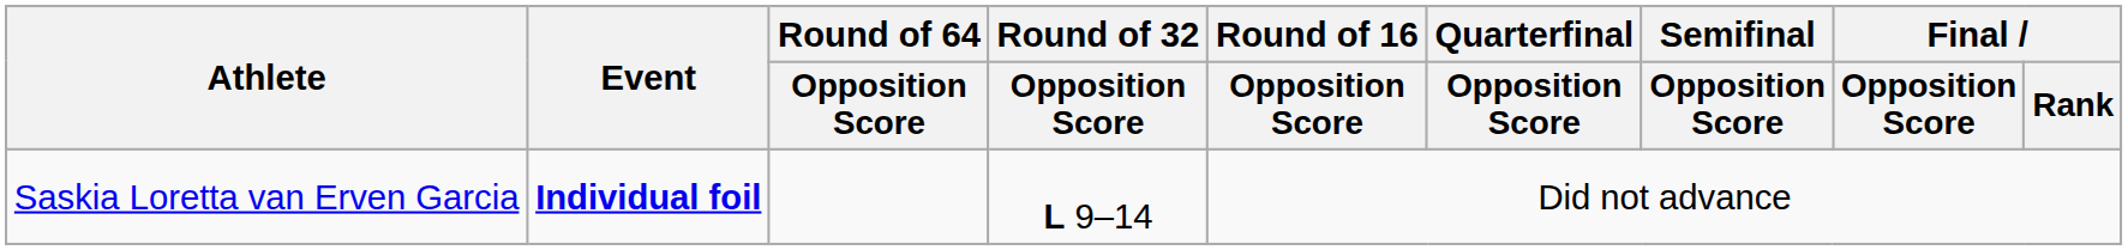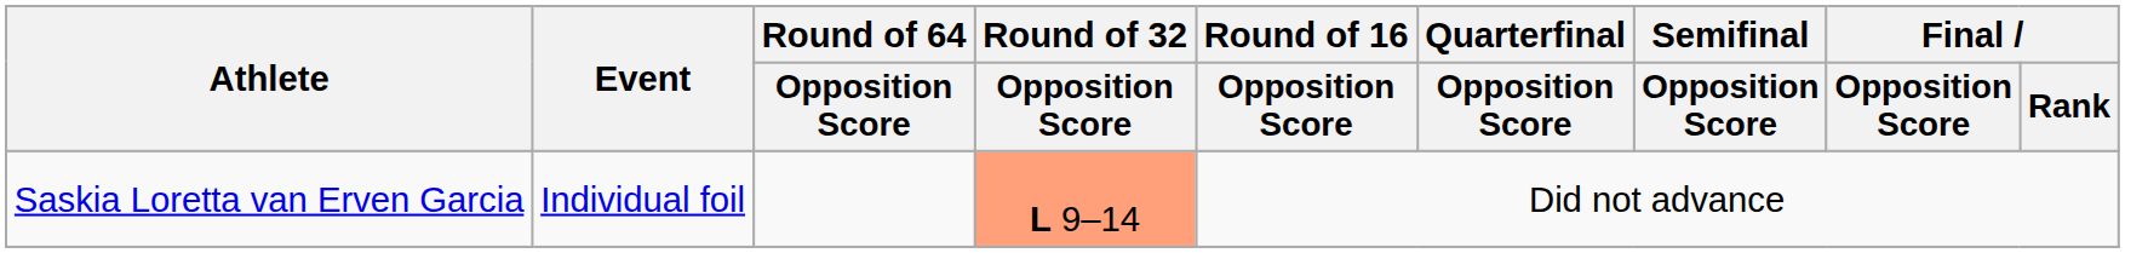 <table class="wikitable" style="font-size:90%">
 <tr>
 <th rowspan="2">Athlete</th>
 <th rowspan="2">Event</th>
 <th>Round of 64</th>
 <th>Round of 32</th>
 <th>Round of 16</th>
 <th>Quarterfinal</th>
 <th>Semifinal</th>
 <th colspan=2>Final / </th>
 </tr>
 <tr style="font-size:95%">
 <th>Opposition <br> Score</th>
 <th>Opposition <br> Score</th>
 <th>Opposition <br> Score</th>
 <th>Opposition <br> Score</th>
 <th>Opposition <br> Score</th>
 <th>Opposition <br> Score</th>
 <th>Rank</th>
 </tr>
 <tr align=center>
 <td align=left><a href='#'>Saskia Loretta van Erven Garcia</a></td>
-<td align=left><strong><a href='#'>Individual foil</a></strong></td>
+<td align=left><a href='#'>Individual foil</a></td>
 <td></td>
-<td><br><strong>L</strong> 9–14</td>
+<td style="background: lightsalmon;"><br><strong>L</strong> 9–14</td>
 <td colspan=5>Did not advance</td>
 </tr>
 </table>
